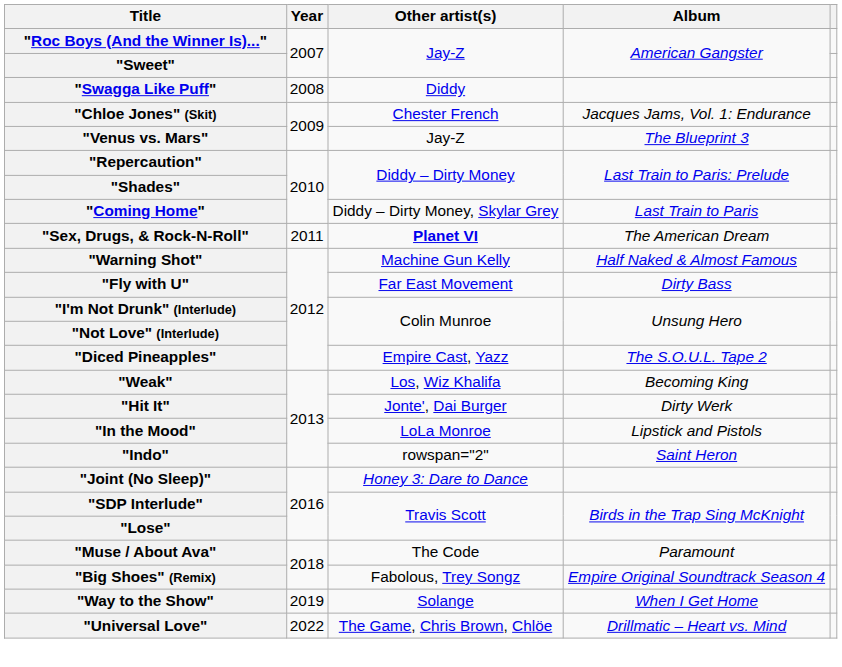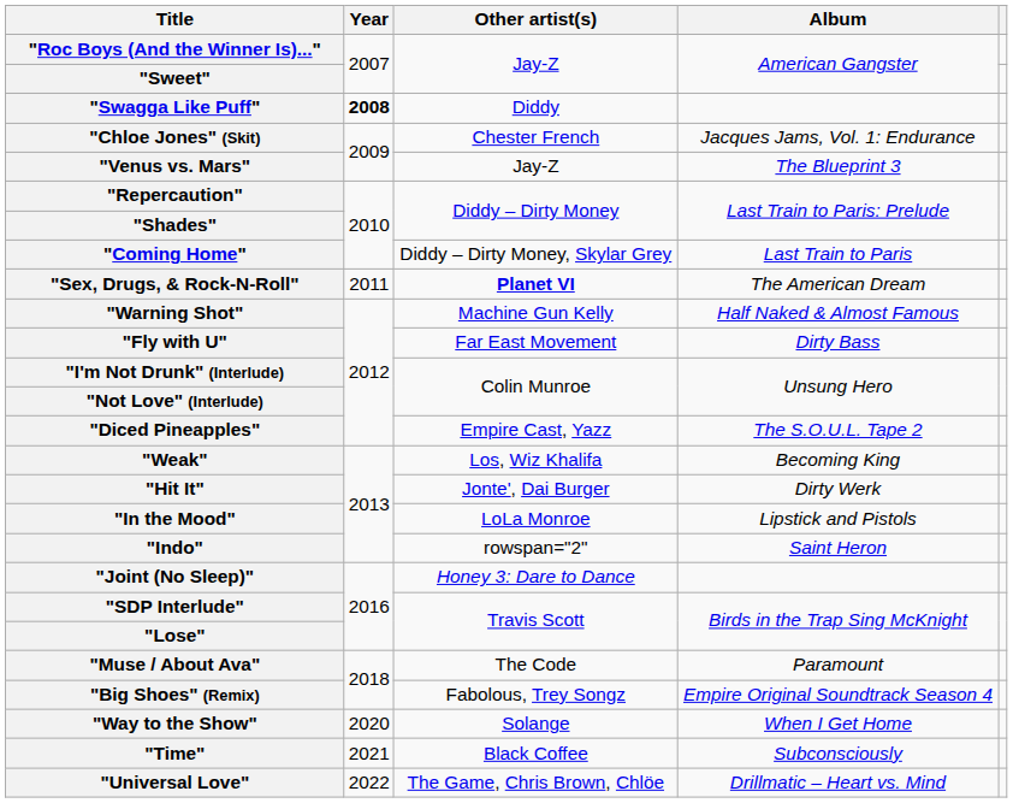 <table class="wikitable plainrowheaders" style="text-align:center;">
 <tr>
 <th scope="col" style="width:18em;">Title</th>
 <th scope="col">Year</th>
 <th scope="col" style="width:15em;">Other artist(s)</th>
 <th scope="col" style="width:17em;">Album</th>
 <th scope="col"></th>
 </tr>
 <tr>
 <th scope="row">"<a href='#'>Roc Boys (And the Winner Is)...</a>"</th>
 <td rowspan="2">2007</td>
 <td rowspan="2"><a href='#'>Jay-Z</a></td>
 <td rowspan="2"><em><a href='#'>American Gangster</a></em></td>
 <td></td>
 </tr>
 <tr>
 <th scope="row">"Sweet"</th>
 <td></td>
 </tr>
 <tr>
 <th scope="row">"<a href='#'>Swagga Like Puff</a>"</th>
-<td>2008</td>
+<td><strong>2008</strong></td>
 <td><a href='#'>Diddy</a></td>
 <td></td>
 <td></td>
 </tr>
 <tr>
 <th scope="row">"Chloe Jones" <small>(Skit)</small></th>
 <td rowspan="2">2009</td>
 <td><a href='#'>Chester French</a></td>
 <td><em>Jacques Jams, Vol. 1: Endurance</em></td>
 <td></td>
 </tr>
 <tr>
 <th scope="row">"Venus vs. Mars"</th>
 <td>Jay-Z</td>
 <td><em><a href='#'>The Blueprint 3</a></em></td>
 <td></td>
 </tr>
 <tr>
 <th scope="row">"Repercaution"</th>
 <td rowspan="3">2010</td>
 <td rowspan="2"><a href='#'>Diddy – Dirty Money</a></td>
 <td rowspan="2"><em><a href='#'>Last Train to Paris: Prelude</a></em></td>
 <td rowspan="2"></td>
 </tr>
 <tr>
 <th scope="row">"Shades"</th>
 </tr>
 <tr>
 <th scope="row">"<a href='#'>Coming Home</a>"</th>
 <td>Diddy – Dirty Money, <a href='#'>Skylar Grey</a></td>
 <td><em><a href='#'>Last Train to Paris</a></em></td>
 <td></td>
 </tr>
 <tr>
 <th scope="row">"Sex, Drugs, & Rock-N-Roll"</th>
 <td>2011</td>
 <td><strong><a href='#'>Planet VI</a></strong></td>
 <td><em>The American Dream</em></td>
 <td></td>
 </tr>
 <tr>
 <th scope="row">"Warning Shot"</th>
 <td rowspan="5">2012</td>
 <td><a href='#'>Machine Gun Kelly</a></td>
 <td><em><a href='#'>Half Naked & Almost Famous</a></em></td>
 <td></td>
 </tr>
 <tr>
 <th scope="row">"Fly with U"</th>
 <td><a href='#'>Far East Movement</a></td>
 <td><em><a href='#'>Dirty Bass</a></em></td>
 <td></td>
 </tr>
 <tr>
 <th scope="row">"I'm Not Drunk" <small>(Interlude)</small></th>
 <td rowspan="2">Colin Munroe</td>
 <td rowspan="2"><em>Unsung Hero</em></td>
 <td rowspan="2"></td>
 </tr>
 <tr>
 <th scope="row">"Not Love" <small>(Interlude)</small></th>
 </tr>
 <tr>
 <th scope="row">"Diced Pineapples"</th>
 <td><a href='#'>Empire Cast</a>, <a href='#'>Yazz</a></td>
 <td><em><a href='#'>The S.O.U.L. Tape 2</a></em></td>
 <td></td>
 </tr>
 <tr>
 <th scope="row">"Weak"</th>
 <td rowspan="4">2013</td>
 <td><a href='#'>Los</a>, <a href='#'>Wiz Khalifa</a></td>
 <td><em>Becoming King</em></td>
 <td></td>
 </tr>
 <tr>
 <th scope="row">"Hit It"</th>
 <td><a href='#'>Jonte'</a>, <a href='#'>Dai Burger</a></td>
 <td><em>Dirty Werk</em></td>
 <td></td>
 </tr>
 <tr>
 <th scope="row">"In the Mood"</th>
 <td><a href='#'>LoLa Monroe</a></td>
 <td><em>Lipstick and Pistols</em></td>
 <td></td>
 </tr>
 <tr>
 <th scope="row">"Indo"</th>
 <td>rowspan="2" </td>
 <td><em><a href='#'>Saint Heron</a></em></td>
 <td></td>
 </tr>
 <tr>
 <th scope="row">"Joint (No Sleep)"</th>
 <td rowspan="3">2016</td>
 <td><em><a href='#'>Honey 3: Dare to Dance</a></em></td>
 <td></td>
 </tr>
 <tr>
 <th scope="row">"SDP Interlude"</th>
 <td rowspan="2"><a href='#'>Travis Scott</a></td>
 <td rowspan="2"><em><a href='#'>Birds in the Trap Sing McKnight</a></em></td>
 <td rowspan="2"></td>
 </tr>
 <tr>
 <th scope="row">"Lose"</th>
 </tr>
 <tr>
 <th scope="row">"Muse / About Ava"</th>
 <td rowspan="2">2018</td>
 <td>The Code</td>
 <td><em>Paramount</em></td>
 <td></td>
 </tr>
 <tr>
 <th scope="row">"Big Shoes" <small>(Remix)</small></th>
 <td>Fabolous, <a href='#'>Trey Songz</a></td>
 <td><em><a href='#'>Empire Original Soundtrack Season 4</a></em></td>
 <td></td>
 </tr>
 <tr>
 <th scope="row">"Way to the Show"</th>
-<td>2019</td>
+<td>2020</td>
 <td><a href='#'>Solange</a></td>
 <td><em><a href='#'>When I Get Home</a></em></td>
+<td></td>
+</tr>
+<tr>
+<th scope="row">"Time"</th>
+<td>2021</td>
+<td><a href='#'>Black Coffee</a></td>
+<td><em><a href='#'>Subconsciously</a></em></td>
 <td></td>
 </tr>
 <tr>
 <th scope="row">"Universal Love"</th>
 <td>2022</td>
 <td><a href='#'>The Game</a>, <a href='#'>Chris Brown</a>, <a href='#'>Chlöe</a></td>
 <td><em><a href='#'>Drillmatic – Heart vs. Mind</a></em></td>
 <td></td>
 </tr>
 </table>
